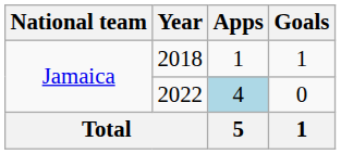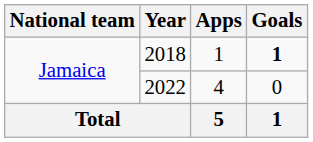 <table class="wikitable" style="text-align:center">
 <tr>
 <th>National team</th>
 <th>Year</th>
 <th>Apps</th>
 <th>Goals</th>
 </tr>
 <tr>
 <td rowspan=2><a href='#'>Jamaica</a></td>
 <td>2018</td>
 <td>1</td>
-<td>1</td>
+<td><strong>1</strong></td>
 </tr>
 <tr>
 <td>2022</td>
-<td style="background: lightblue;">4</td>
+<td>4</td>
 <td>0</td>
 </tr>
 <tr>
 <th colspan=2>Total</th>
 <th>5</th>
 <th>1</th>
 </tr>
 </table>
